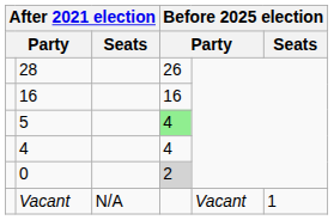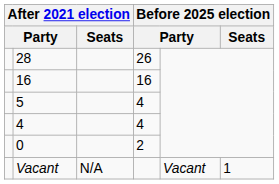 <table class="wikitable">
 <tr>
 <th colspan="3">After <a href='#'>2021 election</a></th>
 <th colspan="3">Before 2025 election</th>
 </tr>
 <tr>
 <th colspan="2">Party</th>
 <th>Seats</th>
 <th colspan="2">Party</th>
 <th>Seats</th>
 </tr>
 <tr>
 <td></td>
 <td>28</td>
 <td></td>
 <td>26</td>
 </tr>
 <tr>
 <td></td>
 <td>16</td>
 <td></td>
 <td>16</td>
 </tr>
 <tr>
 <td></td>
 <td>5</td>
 <td></td>
-<td style="background: lightgreen;">4</td>
+<td>4</td>
 </tr>
 <tr>
 <td></td>
 <td>4</td>
 <td></td>
 <td>4</td>
 </tr>
 <tr>
 <td></td>
 <td>0</td>
 <td></td>
-<td style="background: lightgrey;">2</td>
+<td>2</td>
 </tr>
 <tr>
 <td></td>
 <td><em>Vacant</em></td>
 <td>N/A</td>
 <td></td>
 <td><em>Vacant</em></td>
 <td>1</td>
 </tr>
 </table>
